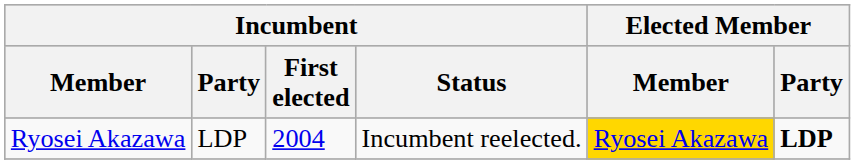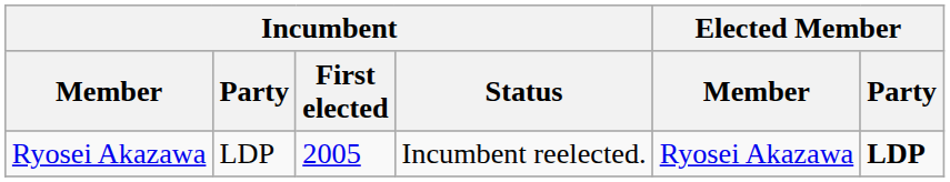 <table class="wikitable sortable">
 <tr>
 <th colspan=4>Incumbent</th>
 <th colspan=2>Elected Member</th>
 </tr>
 <tr>
 <th>Member</th>
 <th>Party</th>
 <th>First<br>elected</th>
 <th>Status</th>
 <th>Member</th>
 <th>Party</th>
 </tr>
 <tr>
 <td><a href='#'>Ryosei Akazawa</a></td>
 <td>LDP</td>
-<td><a href='#'>2004</a></td>
+<td><a href='#'>2005</a></td>
 <td>Incumbent reelected.</td>
-<td style="background: gold;"><a href='#'>Ryosei Akazawa</a></td>
+<td><a href='#'>Ryosei Akazawa</a></td>
 <td><strong>LDP</strong></td>
 </tr>
 </table>
